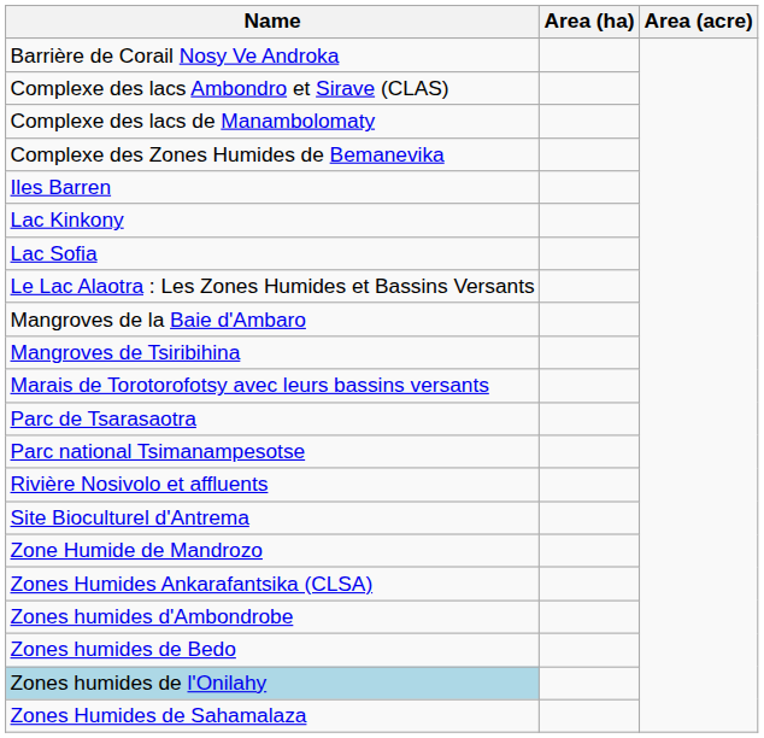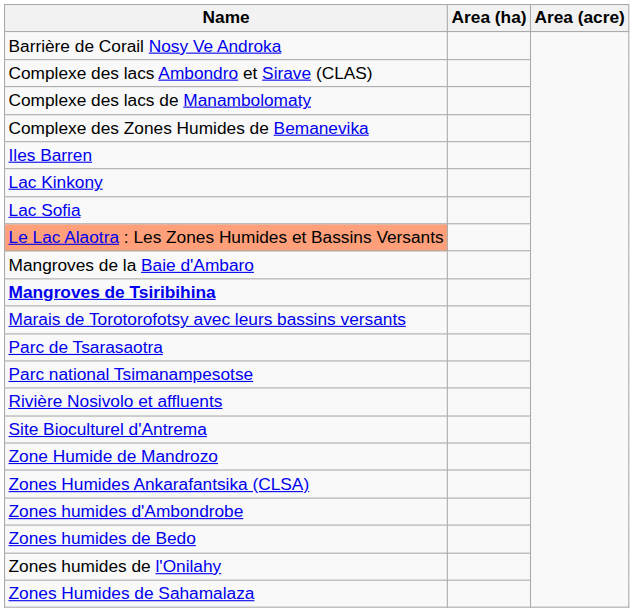 <table class="wikitable sortable">
 <tr>
 <th scope="col" align=left>Name</th>
 <th scope="col">Area (ha)</th>
 <th scope="col">Area (acre)</th>
 </tr>
 <tr ---->
 <td>Barrière de Corail <a href='#'>Nosy Ve Androka</a></td>
 <td></td>
 </tr>
 <tr ---->
 <td>Complexe des lacs <a href='#'>Ambondro</a> et <a href='#'>Sirave</a> (CLAS)</td>
 <td></td>
 </tr>
 <tr ---->
 <td>Complexe des lacs de <a href='#'>Manambolomaty</a></td>
 <td></td>
 </tr>
 <tr ---->
 <td>Complexe des Zones Humides de <a href='#'>Bemanevika</a></td>
 <td></td>
 </tr>
 <tr ---->
 <td><a href='#'>Iles Barren</a></td>
 <td></td>
 </tr>
 <tr ---->
 <td><a href='#'>Lac Kinkony</a></td>
 <td></td>
 </tr>
 <tr ---->
 <td><a href='#'>Lac Sofia</a></td>
 <td></td>
 </tr>
 <tr ---->
-<td><a href='#'>Le Lac Alaotra</a> : Les Zones Humides et Bassins Versants</td>
+<td style="background: lightsalmon;"><a href='#'>Le Lac Alaotra</a> : Les Zones Humides et Bassins Versants</td>
 <td></td>
 </tr>
 <tr ---->
 <td>Mangroves de la <a href='#'>Baie d'Ambaro</a></td>
 <td></td>
 </tr>
 <tr ---->
-<td><a href='#'>Mangroves de Tsiribihina</a></td>
+<td><strong><a href='#'>Mangroves de Tsiribihina</a></strong></td>
 <td></td>
 </tr>
 <tr ---->
 <td><a href='#'>Marais de Torotorofotsy avec leurs bassins versants</a></td>
 <td></td>
 </tr>
 <tr ---->
 <td><a href='#'>Parc de Tsarasaotra</a></td>
 <td></td>
 </tr>
 <tr ---->
 <td><a href='#'>Parc national Tsimanampesotse</a></td>
 <td></td>
 </tr>
 <tr ---->
 <td><a href='#'>Rivière Nosivolo et affluents</a></td>
 <td></td>
 </tr>
 <tr ---->
 <td><a href='#'>Site Bioculturel d'Antrema</a></td>
 <td></td>
 </tr>
 <tr ---->
 <td><a href='#'>Zone Humide de Mandrozo</a></td>
 <td></td>
 </tr>
 <tr ---->
 <td><a href='#'>Zones Humides Ankarafantsika (CLSA)</a></td>
 <td></td>
 </tr>
 <tr ---->
 <td><a href='#'>Zones humides d'Ambondrobe</a></td>
 <td></td>
 </tr>
 <tr ---->
 <td><a href='#'>Zones humides de Bedo</a></td>
 <td></td>
 </tr>
 <tr ---->
-<td style="background: lightblue;">Zones humides de <a href='#'>l'Onilahy</a></td>
+<td>Zones humides de <a href='#'>l'Onilahy</a></td>
 <td></td>
 </tr>
 <tr ---->
 <td><a href='#'>Zones Humides de Sahamalaza</a></td>
 <td></td>
 </tr>
 </table>
